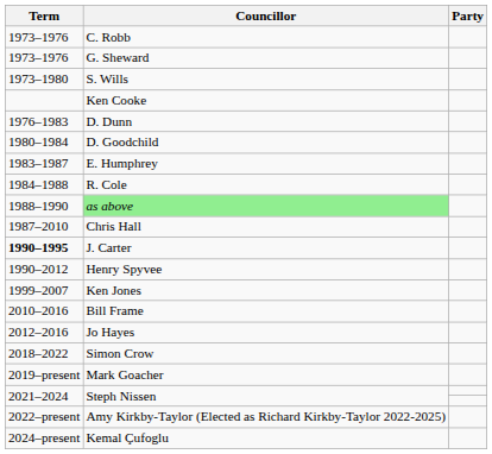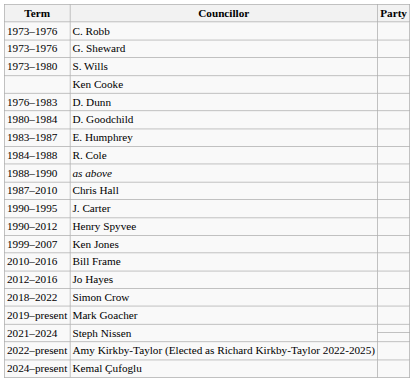 <table class="wikitable">
 <tr>
 <th>Term</th>
 <th>Councillor</th>
 <th colspan="2">Party</th>
 </tr>
 <tr>
 <td>1973–1976</td>
 <td>C. Robb</td>
 <td></td>
 </tr>
 <tr>
 <td>1973–1976</td>
 <td>G. Sheward</td>
 <td></td>
 </tr>
 <tr>
 <td>1973–1980</td>
 <td>S. Wills</td>
 <td></td>
 </tr>
 <tr>
 <td></td>
 <td>Ken Cooke</td>
 <td></td>
 </tr>
 <tr>
 <td>1976–1983</td>
 <td>D. Dunn</td>
 <td></td>
 </tr>
 <tr>
 <td>1980–1984</td>
 <td>D. Goodchild</td>
 <td></td>
 </tr>
 <tr>
 <td>1983–1987</td>
 <td>E. Humphrey</td>
 <td></td>
 </tr>
 <tr>
 <td>1984–1988</td>
 <td>R. Cole</td>
 <td></td>
 </tr>
 <tr>
 <td>1988–1990</td>
-<td style="background: lightgreen;"><em>as above</em></td>
+<td><em>as above</em></td>
 <td></td>
 </tr>
 <tr>
 <td>1987–2010</td>
 <td>Chris Hall</td>
 <td></td>
 </tr>
 <tr>
-<td><strong>1990–1995</strong></td>
+<td>1990–1995</td>
 <td>J. Carter</td>
 <td></td>
 </tr>
 <tr>
 <td>1990–2012</td>
 <td>Henry Spyvee</td>
 <td></td>
 </tr>
 <tr>
 <td>1999–2007</td>
 <td>Ken Jones</td>
 <td></td>
 </tr>
 <tr>
 <td>2010–2016</td>
 <td>Bill Frame</td>
 <td></td>
 </tr>
 <tr>
 <td>2012–2016</td>
 <td>Jo Hayes</td>
 <td></td>
 </tr>
 <tr>
 <td>2018–2022</td>
 <td>Simon Crow</td>
 <td></td>
 </tr>
 <tr>
 <td>2019–present</td>
 <td>Mark Goacher</td>
 <td></td>
 </tr>
 <tr>
 <td rowspan="2">2021–2024</td>
 <td rowspan="2">Steph Nissen</td>
 <td></td>
 </tr>
 <tr>
 <td></td>
 </tr>
 <tr>
 <td>2022–present</td>
 <td>Amy Kirkby-Taylor (Elected as Richard Kirkby-Taylor 2022-2025)</td>
 <td></td>
 </tr>
 <tr>
 <td>2024–present</td>
 <td>Kemal Çufoglu</td>
 <td></td>
 </tr>
 </table>
